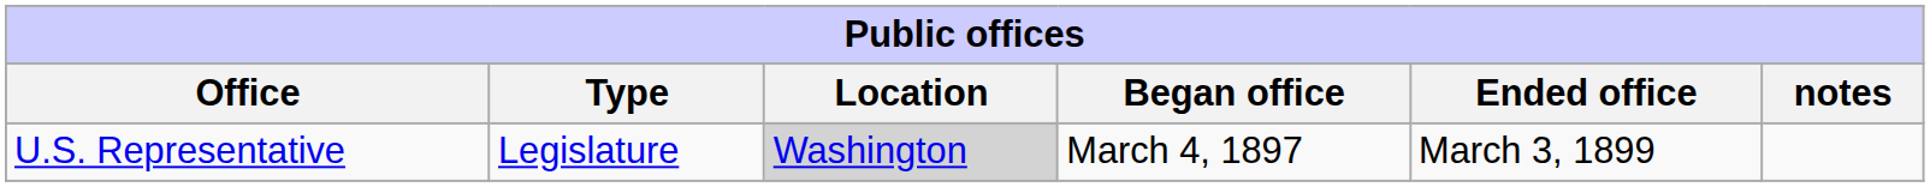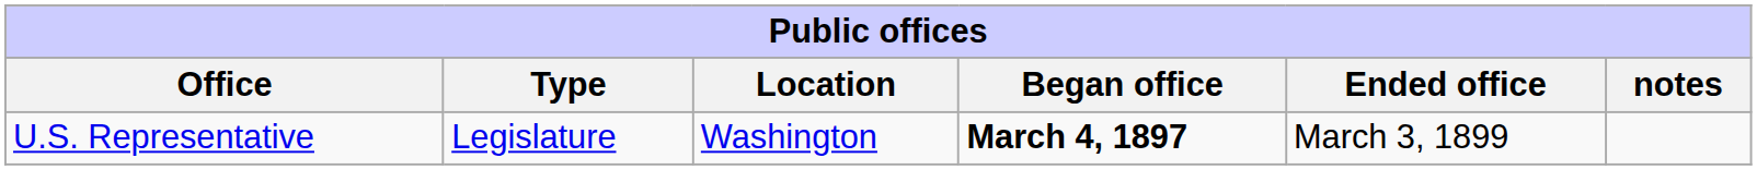 <table class=wikitable style="width: 94%" style="text-align: center;" align="center">
 <tr bgcolor=#cccccc>
 <th colspan=7 style="background: #ccccff;">Public offices</th>
 </tr>
 <tr>
 <th><strong>Office</strong></th>
 <th><strong>Type</strong></th>
 <th><strong>Location</strong></th>
 <th><strong>Began office</strong></th>
 <th><strong>Ended office</strong></th>
 <th><strong>notes</strong></th>
 </tr>
 <tr>
 <td><a href='#'>U.S. Representative</a></td>
 <td><a href='#'>Legislature</a></td>
-<td style="background: lightgrey;"><a href='#'>Washington</a></td>
-<td>March 4, 1897</td>
+<td><a href='#'>Washington</a></td>
+<td><strong>March 4, 1897</strong></td>
 <td>March 3, 1899</td>
 <td></td>
 </tr>
 </table>
